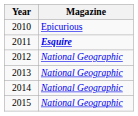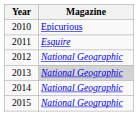 <table class="sortable wikitable plainrowheaders">
 <tr>
 <th scope="col" style="width:50px;">Year</th>
 <th scope="col" style="width:150px;">Magazine</th>
 </tr>
 <tr>
 <td align=center>2010</td>
 <td><a href='#'>Epicurious</a></td>
 </tr>
 <tr>
 <td align=center>2011</td>
-<td><strong><em><a href='#'>Esquire</a></em></strong></td>
+<td><em><a href='#'>Esquire</a></em></td>
 </tr>
 <tr>
 <td align=center>2012</td>
 <td><em><a href='#'>National Geographic</a></em></td>
 </tr>
 <tr>
 <td align=center>2013</td>
-<td><em><a href='#'>National Geographic</a></em></td>
+<td style="background: lightgrey;"><em><a href='#'>National Geographic</a></em></td>
 </tr>
 <tr>
 <td align=center>2014</td>
 <td><em><a href='#'>National Geographic</a></em></td>
 </tr>
 <tr>
 <td align=center>2015</td>
 <td><em><a href='#'>National Geographic</a></em></td>
 </tr>
 </table>
